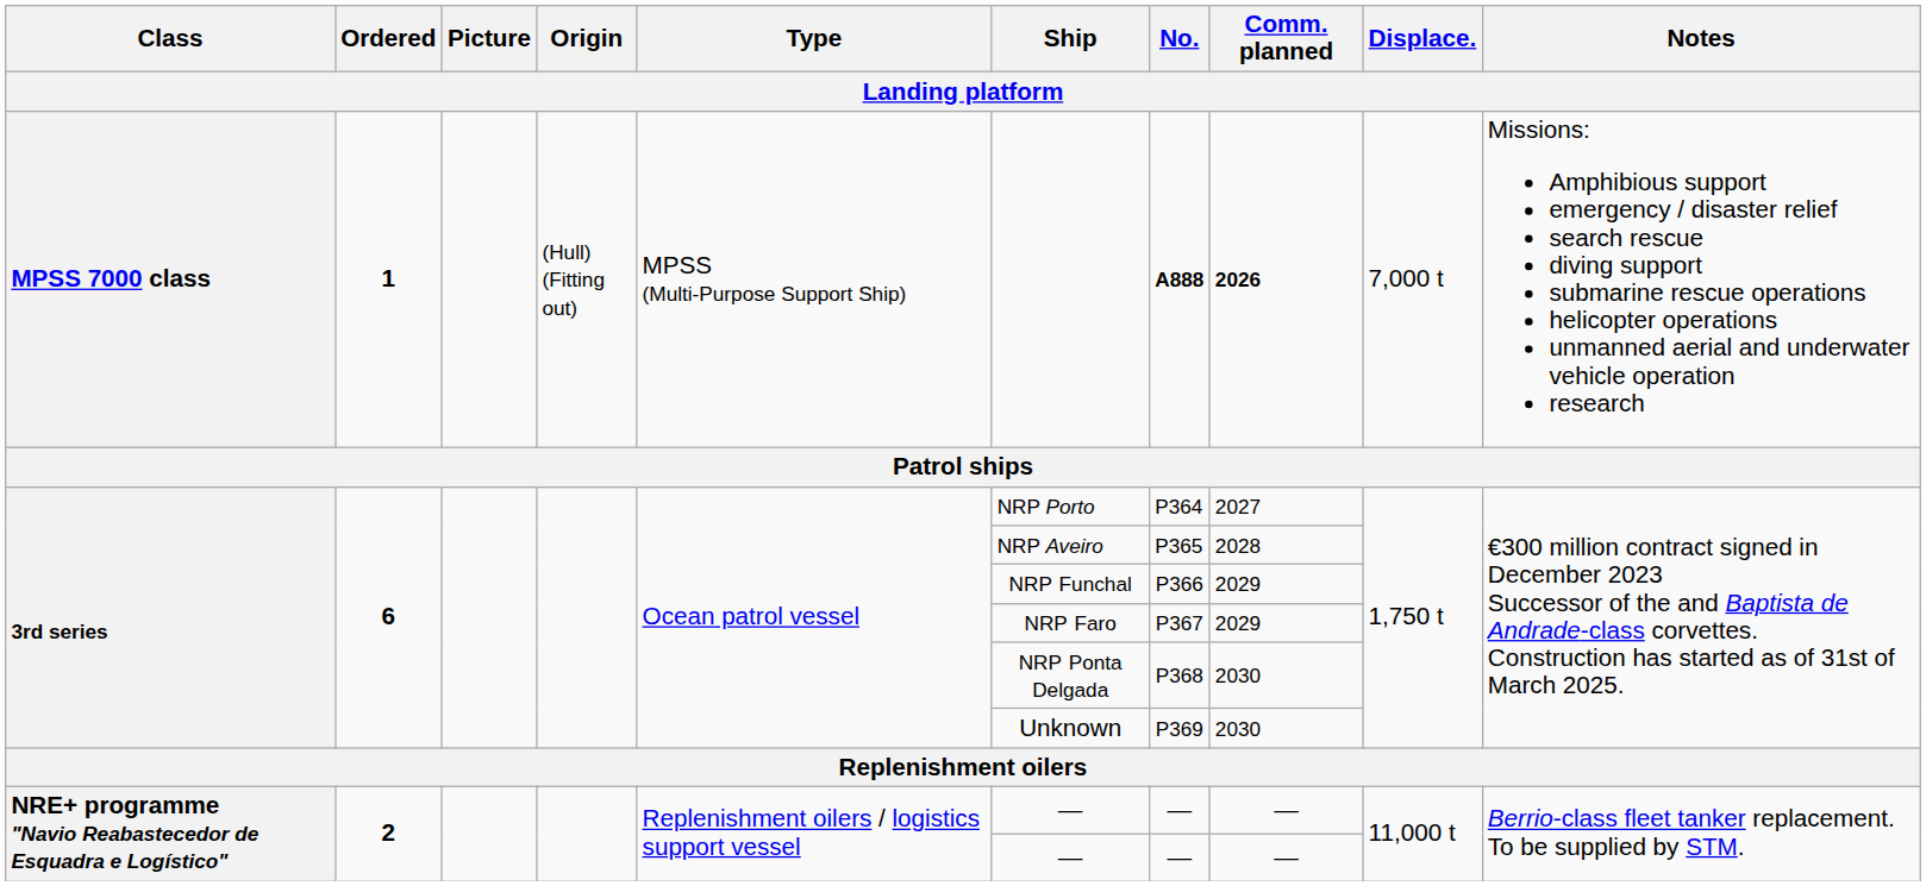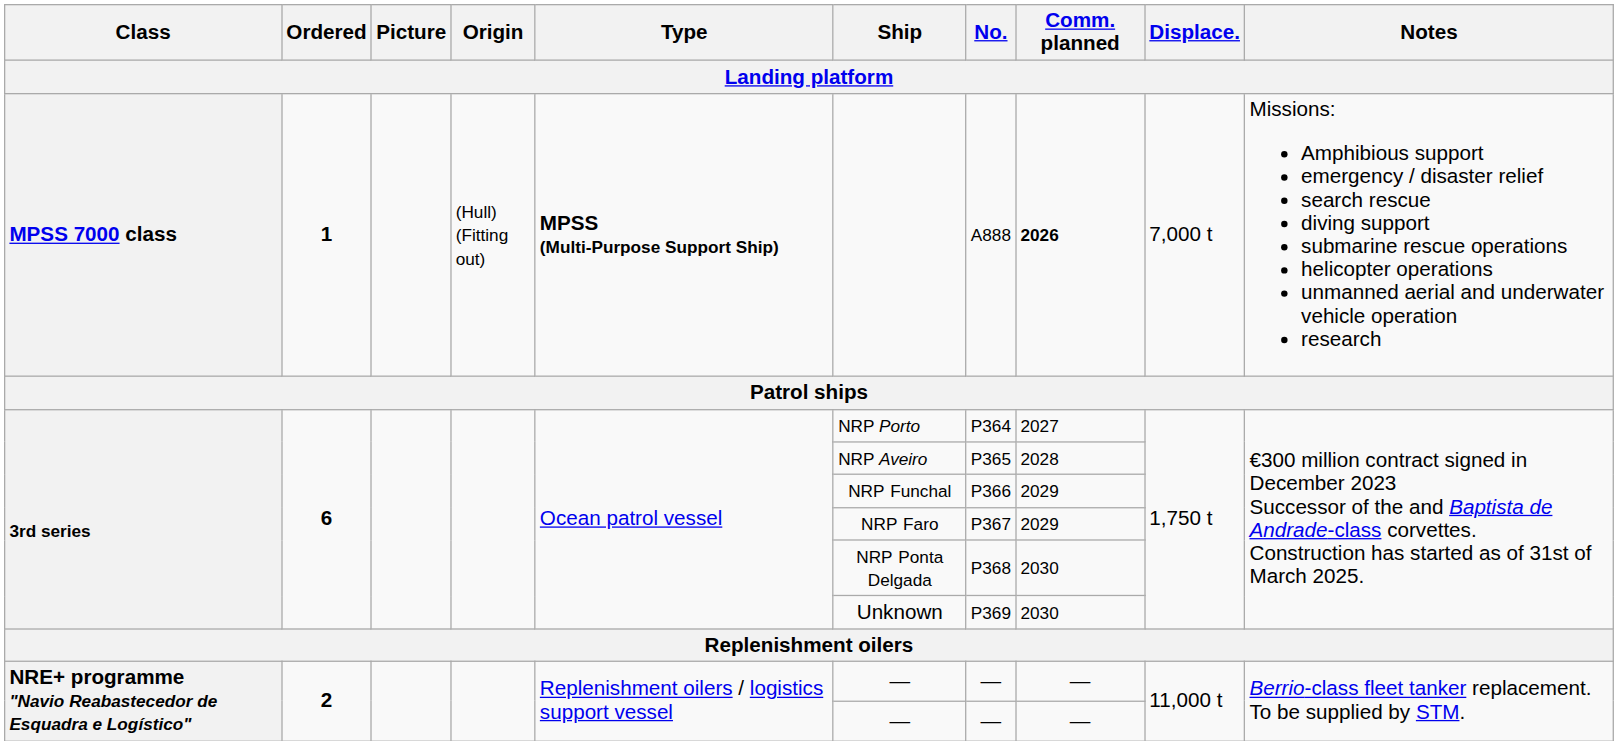 <table class="wikitable">
 <tr>
 <th>Class</th>
 <th>Ordered</th>
 <th>Picture</th>
 <th>Origin</th>
 <th>Type</th>
 <th>Ship</th>
 <th><a href='#'>No.</a></th>
 <th><a href='#'>Comm.</a> planned</th>
 <th><a href='#'>Displace.</a></th>
 <th>Notes</th>
 </tr>
 <tr>
 <th colspan="10"><a href='#'>Landing platform</a></th>
 </tr>
 <tr>
 <th style="text-align: left;"><a href='#'>MPSS 7000</a> class </th>
 <td style="text-align: center;"><strong>1</strong></td>
 <td style="text-align: center;"></td>
 <td> <small>(Hull)</small><br> <small>(Fitting out)</small></td>
-<td>MPSS<br><small>(Multi-Purpose Support Ship)</small></td>
+<td><strong>MPSS<br><small>(Multi-Purpose Support Ship)</small></strong></td>
 <td><small></small></td>
-<td><strong><small>A888</small></strong></td>
+<td><small>A888</small></td>
 <td><strong><small>2026</small></strong></td>
 <td>7,000 t</td>
 <td>Missions:<br><ul><li>Amphibious support</li><li>emergency / disaster relief</li><li>search  rescue</li><li>diving support</li><li>submarine rescue operations</li><li>helicopter operations</li><li>unmanned aerial and underwater vehicle operation</li><li>research</li></ul></td>
 </tr>
 <tr>
 <th colspan="10">Patrol ships</th>
 </tr>
 <tr>
 <th rowspan="6" style="text-align: left;"><br><small>3rd series</small></th>
 <td rowspan="6"style="text-align: center;"><strong>6</strong></td>
 <td rowspan="6"></td>
 <td rowspan="6"></td>
 <td rowspan="6"><a href='#'>Ocean patrol vessel</a></td>
 <td><small>NRP <em>Porto</em></small></td>
 <td><small>P364</small></td>
 <td><small>2027</small></td>
 <td rowspan="6">1,750 t</td>
 <td rowspan="6">€300 million contract signed in December 2023 <br>Successor of the <em></em> and <a href='#'><em>Baptista de Andrade</em>-class</a> corvettes.<br>Construction has started as of 31st of March 2025.</td>
 </tr>
 <tr>
 <td><small>NRP <em>Aveiro</em></small></td>
 <td><small>P365</small></td>
 <td><small>2028</small></td>
 </tr>
 <tr>
 <td style="text-align: center;"><small>NRP</small> <small>Funchal</small></td>
 <td style="text-align: center;"><small>P366</small></td>
 <td><small>2029</small></td>
 </tr>
 <tr>
 <td style="text-align: center;"><small>NRP</small> <small>Faro</small></td>
 <td style="text-align: center;"><small>P367</small></td>
 <td><small>2029</small></td>
 </tr>
 <tr>
 <td style="text-align: center;"><small>NRP</small> <small>Ponta Delgada</small></td>
 <td style="text-align: center;"><small>P368</small></td>
 <td><small>2030</small></td>
 </tr>
 <tr>
 <td style="text-align: center;">Unknown</td>
 <td style="text-align: center;"><small>P369</small></td>
 <td><small>2030</small></td>
 </tr>
 <tr>
 <th colspan="10">Replenishment oilers</th>
 </tr>
 <tr>
 <th rowspan="2" style="text-align: left;">NRE+ programme<br><small><em>"Navio Reabastecedor de Esquadra e Logístico"</em></small></th>
 <td rowspan="2" style="text-align: center;"><strong>2</strong></td>
 <td rowspan="2"></td>
 <td rowspan="2"></td>
 <td rowspan="2"><a href='#'>Replenishment oilers</a> / <a href='#'>logistics support vessel</a></td>
 <td style="text-align: center;">—</td>
 <td style="text-align: center;">—</td>
 <td style="text-align: center;">—</td>
 <td rowspan="2">11,000 t</td>
 <td rowspan="2"><a href='#'><em>Berrio</em>-class fleet tanker</a> replacement. <br>To be supplied by <a href='#'>STM</a>.</td>
 </tr>
 <tr>
 <td style="text-align: center;">—</td>
 <td style="text-align: center;">—</td>
 <td style="text-align: center;">—</td>
 </tr>
 </table>
